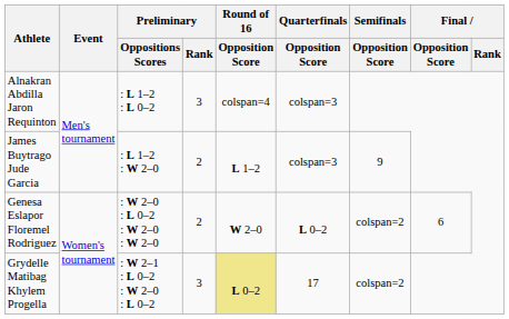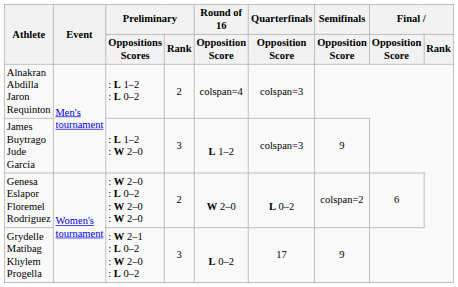 <table class=wikitable style="font-size:90%; text-align:center;">
 <tr>
 <th rowspan=2>Athlete</th>
 <th rowspan=2>Event</th>
 <th colspan=2>Preliminary</th>
 <th>Round of 16</th>
 <th>Quarterfinals</th>
 <th>Semifinals</th>
 <th colspan=2>Final / </th>
 </tr>
 <tr>
 <th>Oppositions<br>Scores</th>
 <th>Rank</th>
 <th>Opposition<br>Score</th>
 <th>Opposition<br>Score</th>
 <th>Opposition<br>Score</th>
 <th>Opposition<br>Score</th>
 <th>Rank</th>
 </tr>
 <tr align=center>
 <td align=left>Alnakran Abdilla<br>Jaron Requinton</td>
 <td align=left rowspan=2><a href='#'>Men's tournament</a></td>
 <td align=left>: <strong>L</strong> 1–2<br>: <strong>L</strong> 0–2</td>
-<td>3</td>
+<td>2</td>
 <td>colspan=4 </td>
 <td>colspan=3 </td>
 </tr>
 <tr align=center>
 <td align=left>James Buytrago<br>Jude Garcia</td>
 <td align=left>: <strong>L</strong> 1–2<br>: <strong>W</strong> 2–0</td>
-<td>2 <strong></strong></td>
+<td>3 <strong></strong></td>
 <td><br><strong>L</strong> 1–2</td>
 <td>colspan=3 </td>
 <td>9</td>
 </tr>
 <tr align=center>
 <td align=left>Genesa Eslapor<br>Floremel Rodriguez</td>
 <td align=left rowspan=2><a href='#'>Women's tournament</a></td>
 <td align=left>: <strong>W</strong> 2–0<br>: <strong>L</strong> 0–2<br>: <strong>W</strong> 2–0<br>: <strong>W</strong> 2–0</td>
 <td>2 <strong></strong></td>
 <td><br><strong>W</strong> 2–0</td>
 <td><br><strong>L</strong> 0–2</td>
 <td>colspan=2 </td>
 <td>6</td>
 </tr>
 <tr align=center>
 <td align=left>Grydelle Matibag<br>Khylem Progella</td>
 <td align=left>: <strong>W</strong> 2–1<br>: <strong>L</strong> 0–2<br>: <strong>W</strong> 2–0<br>: <strong>L</strong> 0–2</td>
 <td>3 <strong></strong></td>
-<td style="background: khaki;"><br><strong>L</strong> 0–2</td>
+<td><br><strong>L</strong> 0–2</td>
 <td>17</td>
-<td>colspan=2 </td>
+<td>9</td>
 </tr>
 </table>
